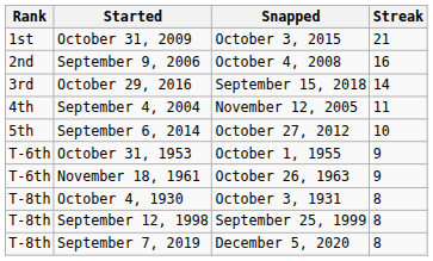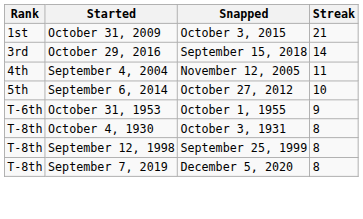 <table class="wikitable" style="text-align:left">
 <tr>
 <th>Rank</th>
 <th>Started</th>
 <th>Snapped</th>
 <th>Streak</th>
 </tr>
 <tr>
 <td style="text-align:left">1st</td>
 <td>October 31, 2009</td>
 <td>October 3, 2015</td>
 <td>21</td>
-</tr>
-<tr>
-<td style="text-align:left">2nd</td>
-<td>September 9, 2006</td>
-<td>October 4, 2008</td>
-<td>16</td>
 </tr>
 <tr>
 <td style="text-align:left">3rd</td>
 <td>October 29, 2016</td>
 <td>September 15, 2018</td>
 <td>14</td>
 </tr>
 <tr>
 <td style="text-align:left">4th</td>
 <td>September 4, 2004</td>
 <td>November 12, 2005</td>
 <td>11</td>
 </tr>
 <tr>
 <td style="text-align:left">5th</td>
 <td>September 6, 2014</td>
 <td>October 27, 2012</td>
 <td>10</td>
 </tr>
 <tr>
 <td style="text-align:left">T-6th</td>
 <td>October 31, 1953</td>
 <td>October 1, 1955</td>
 <td>9</td>
 </tr>
 <tr>
-<td style="text-align:left">T-6th</td>
-<td>November 18, 1961</td>
-<td>October 26, 1963</td>
-<td>9</td>
-</tr>
-<tr>
 <td style="text-align:left">T-8th</td>
 <td>October 4, 1930</td>
 <td>October 3, 1931</td>
 <td>8</td>
 </tr>
 <tr>
 <td style="text-align:left">T-8th</td>
 <td>September 12, 1998</td>
 <td>September 25, 1999</td>
 <td>8</td>
 </tr>
 <tr>
 <td style="text-align:left">T-8th</td>
 <td>September 7, 2019</td>
 <td>December 5, 2020</td>
 <td>8</td>
 </tr>
 </table>
